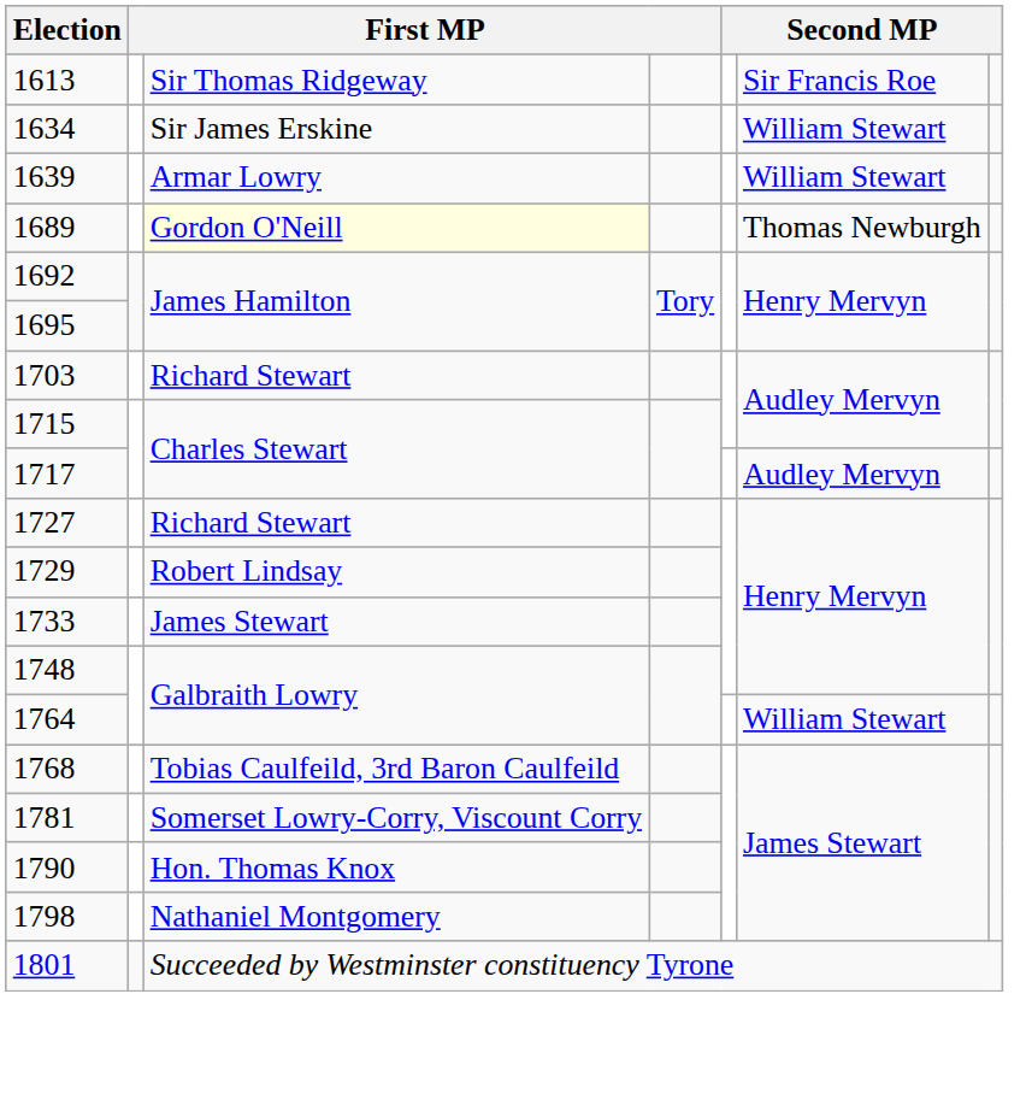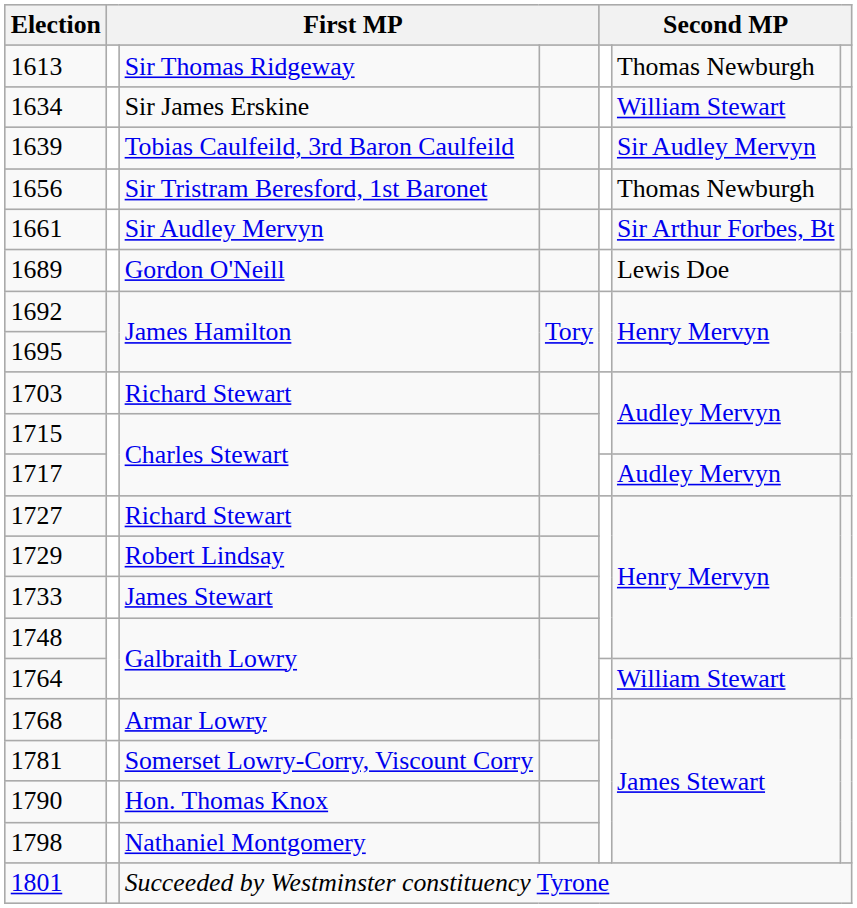 <table class="wikitable">
 <tr>
 <th>Election</th>
 <th colspan=3>First MP</th>
 <th colspan=3>Second MP</th>
 </tr>
 <tr>
 <td>1613</td>
 <td style="background-color: white"></td>
 <td><a href='#'>Sir Thomas Ridgeway</a></td>
 <td></td>
 <td style="background-color: white"></td>
-<td><a href='#'>Sir Francis Roe</a></td>
+<td>Thomas Newburgh</td>
 <td></td>
 </tr>
 <tr>
 <td>1634</td>
 <td style="background-color: white"></td>
 <td>Sir James Erskine</td>
 <td></td>
 <td style="background-color: white"></td>
 <td><a href='#'>William Stewart</a></td>
 <td></td>
 </tr>
 <tr>
 <td>1639</td>
 <td style="background-color: white"></td>
-<td><a href='#'>Armar Lowry</a></td>
+<td><a href='#'>Tobias Caulfeild, 3rd Baron Caulfeild</a></td>
 <td></td>
 <td style="background-color: white"></td>
-<td><a href='#'>William Stewart</a></td>
+<td><a href='#'>Sir Audley Mervyn</a></td>
+<td></td>
+</tr>
+<tr>
+<td>1656</td>
+<td style="background-color: white"></td>
+<td><a href='#'>Sir Tristram Beresford, 1st Baronet</a></td>
+<td></td>
+<td style="background-color: white"></td>
+<td>Thomas Newburgh</td>
+<td></td>
+</tr>
+<tr>
+<td>1661</td>
+<td style="background-color: white"></td>
+<td><a href='#'>Sir Audley Mervyn</a></td>
+<td></td>
+<td style="background-color: white"></td>
+<td><a href='#'>Sir Arthur Forbes, Bt</a></td>
 <td></td>
 </tr>
 <tr>
 <td>1689</td>
 <td style="background-color: white"></td>
-<td style="background: lightyellow;"><a href='#'>Gordon O'Neill</a></td>
+<td><a href='#'>Gordon O'Neill</a></td>
 <td></td>
 <td style="background-color: white"></td>
-<td>Thomas Newburgh</td>
+<td>Lewis Doe</td>
 <td></td>
 </tr>
 <tr>
 <td>1692</td>
 <td rowspan="2" style="background-color: "></td>
 <td rowspan="2"><a href='#'>James Hamilton</a></td>
 <td rowspan="2"><a href='#'>Tory</a></td>
 <td rowspan="2" style="background-color: white"></td>
 <td rowspan="2"><a href='#'>Henry Mervyn</a></td>
 <td rowspan="2"></td>
 </tr>
 <tr>
 <td>1695</td>
 </tr>
 <tr>
 <td>1703</td>
 <td style="background-color: white"></td>
 <td><a href='#'>Richard Stewart</a></td>
 <td></td>
 <td rowspan="2" style="background-color: white"></td>
 <td rowspan="2"><a href='#'>Audley Mervyn</a></td>
 <td rowspan="2"></td>
 </tr>
 <tr>
 <td>1715</td>
 <td rowspan="2" style="background-color: white"></td>
 <td rowspan="2"><a href='#'>Charles Stewart</a></td>
 <td rowspan="2"></td>
 </tr>
 <tr>
 <td>1717</td>
 <td style="background-color: white"></td>
 <td><a href='#'>Audley Mervyn</a></td>
 <td></td>
 </tr>
 <tr>
 <td>1727</td>
 <td style="background-color: white"></td>
 <td><a href='#'>Richard Stewart</a></td>
 <td></td>
 <td rowspan="4" style="background-color: white"></td>
 <td rowspan="4"><a href='#'>Henry Mervyn</a></td>
 <td rowspan="4"></td>
 </tr>
 <tr>
 <td>1729</td>
 <td style="background-color: white"></td>
 <td><a href='#'>Robert Lindsay</a></td>
 <td></td>
 </tr>
 <tr>
 <td>1733</td>
 <td style="background-color: white"></td>
 <td><a href='#'>James Stewart</a></td>
 <td></td>
 </tr>
 <tr>
 <td>1748</td>
 <td rowspan="2" style="background-color: white"></td>
 <td rowspan="2"><a href='#'>Galbraith Lowry</a></td>
 <td rowspan="2"></td>
 </tr>
 <tr>
 <td>1764</td>
 <td style="background-color: white"></td>
 <td><a href='#'>William Stewart</a></td>
 <td></td>
 </tr>
 <tr>
 <td>1768</td>
 <td style="background-color: white"></td>
-<td><a href='#'>Tobias Caulfeild, 3rd Baron Caulfeild</a></td>
+<td><a href='#'>Armar Lowry</a></td>
 <td></td>
 <td rowspan="4" style="background-color: white"></td>
 <td rowspan="4"><a href='#'>James Stewart</a></td>
 <td rowspan="4"></td>
 </tr>
 <tr>
 <td>1781</td>
 <td style="background-color: white"></td>
 <td><a href='#'>Somerset Lowry-Corry, Viscount Corry</a></td>
 <td></td>
 </tr>
 <tr>
 <td>1790</td>
 <td style="background-color: white"></td>
 <td><a href='#'>Hon. Thomas Knox</a></td>
 <td></td>
 </tr>
 <tr>
 <td>1798</td>
 <td style="background-color: white"></td>
 <td><a href='#'>Nathaniel Montgomery</a></td>
 <td></td>
 </tr>
 <tr>
 <td><a href='#'>1801</a></td>
 <td></td>
 <td colspan = "5"><em>Succeeded by Westminster constituency</em>  <a href='#'>Tyrone</a></td>
 </tr>
 </table>
